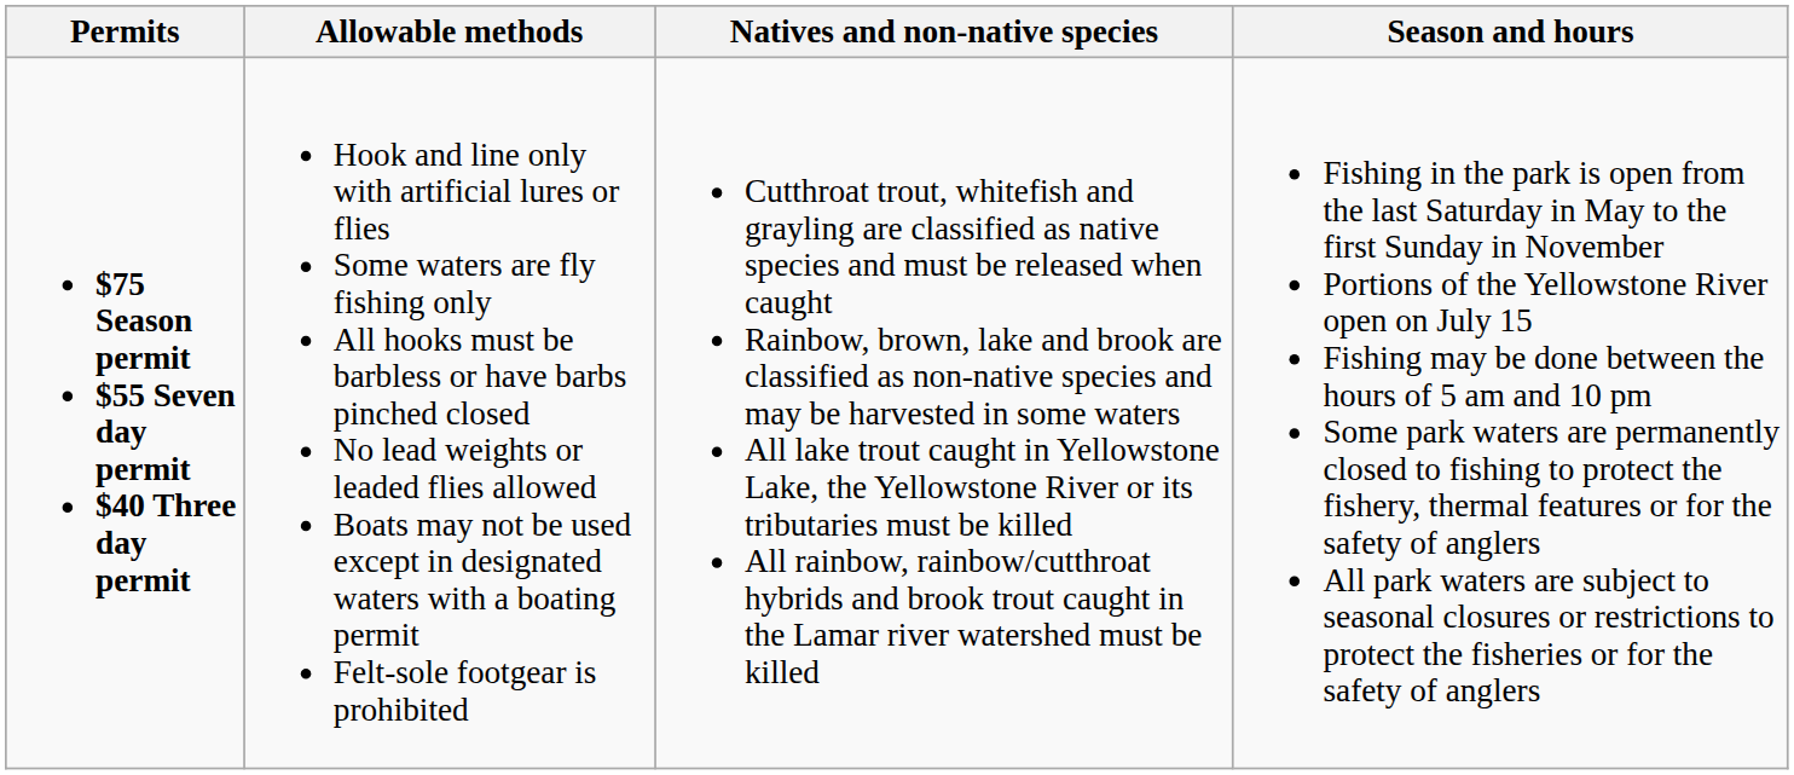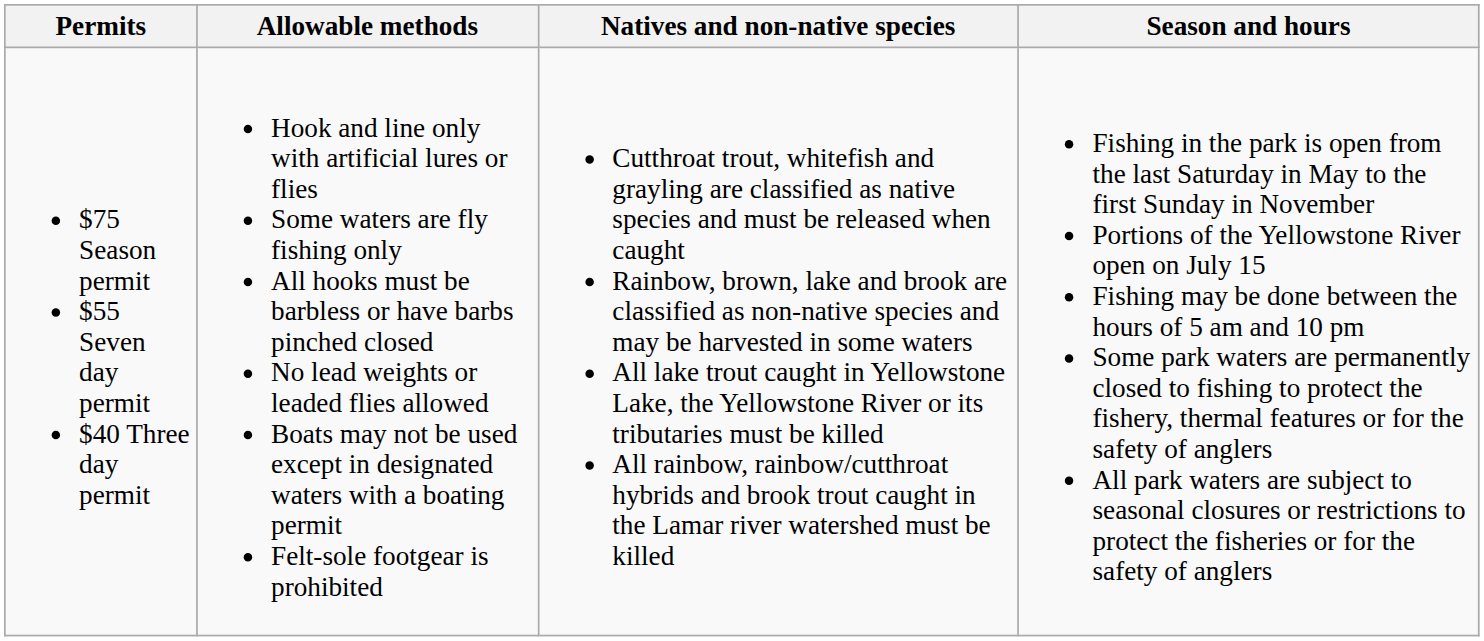 <table class="wikitable">
 <tr>
 <th>Permits </th>
 <th>Allowable methods</th>
 <th>Natives and non-native species</th>
 <th>Season and hours</th>
 </tr>
 <tr>
-<td><strong><br><ul><li>$75 Season permit</li><li>$55 Seven day permit</li><li>$40 Three day permit</li></ul></strong></td>
+<td><br><ul><li>$75 Season permit</li><li>$55 Seven day permit</li><li>$40 Three day permit</li></ul></td>
 <td><br><ul><li>Hook and line only with artificial lures or flies</li><li>Some waters are fly fishing only</li><li>All hooks must be barbless or have barbs pinched closed</li><li>No lead weights or leaded flies allowed</li><li>Boats may not be used except in designated waters with a boating permit</li><li>Felt-sole footgear is prohibited</li></ul></td>
 <td><br><ul><li>Cutthroat trout, whitefish and grayling are classified as native species and must be released when caught</li><li>Rainbow, brown, lake and brook are classified as non-native species and may be harvested in some waters</li><li>All lake trout caught in Yellowstone Lake, the Yellowstone River or its tributaries must be killed</li><li>All rainbow, rainbow/cutthroat hybrids and brook trout caught in the Lamar river watershed must be killed</li></ul></td>
 <td><br><ul><li>Fishing in the park is open from the last Saturday in May to the first Sunday in November</li><li>Portions of the Yellowstone River open on July 15</li><li>Fishing may be done between the hours of 5 am and 10 pm</li><li>Some park waters are permanently closed to fishing to protect the fishery, thermal features or for the safety of anglers</li><li>All park waters are subject to seasonal closures or restrictions to protect the fisheries or for the safety of anglers</li></ul></td>
 </tr>
 </table>
